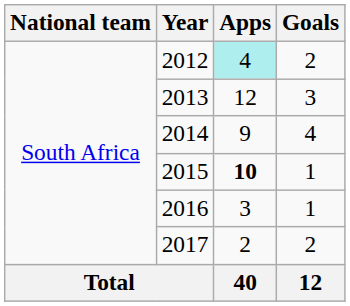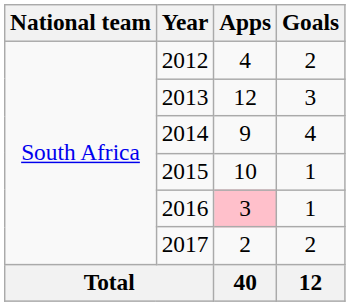 <table class="wikitable" style="text-align:center;">
 <tr>
 <th>National team</th>
 <th>Year</th>
 <th>Apps</th>
 <th>Goals</th>
 </tr>
 <tr>
 <td rowspan="6"><a href='#'>South Africa</a></td>
 <td>2012</td>
-<td style="background: paleturquoise;">4</td>
+<td>4</td>
 <td>2</td>
 </tr>
 <tr>
 <td>2013</td>
 <td>12</td>
 <td>3</td>
 </tr>
 <tr>
 <td>2014</td>
 <td>9</td>
 <td>4</td>
 </tr>
 <tr>
 <td>2015</td>
-<td><strong>10</strong></td>
+<td>10</td>
 <td>1</td>
 </tr>
 <tr>
 <td>2016</td>
-<td>3</td>
+<td style="background: pink;">3</td>
 <td>1</td>
 </tr>
 <tr>
 <td>2017</td>
 <td>2</td>
 <td>2</td>
 </tr>
 <tr>
 <th colspan=2>Total</th>
 <th>40</th>
 <th>12</th>
 </tr>
 </table>
